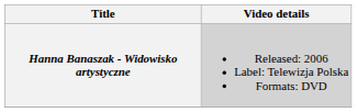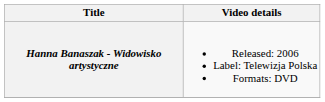 <table class="wikitable plainrowheaders" style="text-align:center;">
 <tr>
 <th scope="col" style="width:16em;">Title</th>
 <th scope="col">Video details</th>
 </tr>
 <tr>
 <th scope="row"><em>Hanna Banaszak - Widowisko artystyczne</em></th>
-<td style="background: lightgrey;"><br><ul><li>Released: 2006</li><li>Label: Telewizja Polska</li><li>Formats: DVD</li></ul></td>
+<td><br><ul><li>Released: 2006</li><li>Label: Telewizja Polska</li><li>Formats: DVD</li></ul></td>
 </tr>
 <tr>
 </tr>
 </table>
